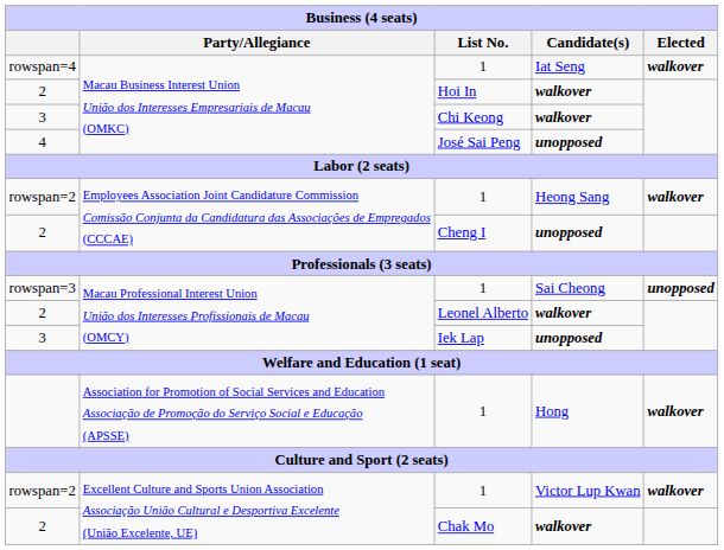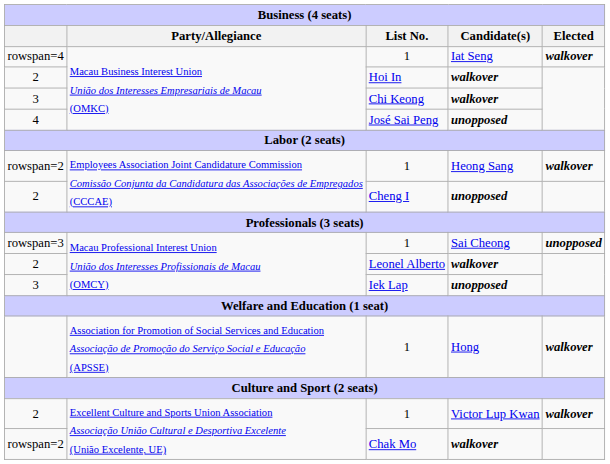 <table class="wikitable" style="font-size:90%">
 <tr style="background-color:#CCCCFF;font-weight:bold;text-align:center;vertical-align:bottom;">
 <td colspan = "5"><strong>Business (4 seats)</strong></td>
 </tr>
 <tr>
 <th></th>
 <th>Party/Allegiance</th>
 <th>List No.</th>
 <th>Candidate(s)</th>
 <th>Elected</th>
 </tr>
 <tr>
 <td>rowspan=4 </td>
 <td rowspan=4><sub><a href='#'>Macau Business Interest Union<br><em>União dos Interesses Empresariais de Macau</em><br>(OMKC)</a></sub></td>
 <td style="text-align:center;">1</td>
 <td><a href='#'> Iat Seng</a></td>
 <td><strong><em>walkover</em></strong></td>
 </tr>
 <tr>
 <td style="text-align:center;">2</td>
 <td><a href='#'> Hoi In</a></td>
 <td><strong><em>walkover</em></strong></td>
 </tr>
 <tr>
 <td style="text-align:center;">3</td>
 <td><a href='#'> Chi Keong</a></td>
 <td><strong><em>walkover</em></strong></td>
 </tr>
 <tr>
 <td style="text-align:center;">4</td>
 <td><a href='#'>José  Sai Peng</a></td>
 <td><strong><em>unopposed</em></strong></td>
 </tr>
 <tr style="background-color:#CCCCFF;font-weight:bold;text-align:center;vertical-align:bottom;">
 <td colspan = "5"><strong>Labor (2 seats)</strong></td>
 </tr>
 <tr>
 <td>rowspan=2 </td>
 <td rowspan=2><sub><a href='#'>Employees Association Joint Candidature Commission<br><em>Comissão Conjunta da Candidatura das Associações de Empregados</em><br>(CCCAE)</a></sub></td>
 <td style="text-align:center;">1</td>
 <td><a href='#'> Heong Sang</a></td>
 <td><strong><em>walkover</em></strong></td>
 </tr>
 <tr>
 <td style="text-align:center;">2</td>
 <td><a href='#'> Cheng I</a></td>
 <td><strong><em>unopposed</em></strong></td>
 </tr>
 <tr style="background-color:#CCCCFF;font-weight:bold;text-align:center;vertical-align:bottom;">
 <td colspan = "5"><strong>Professionals (3 seats)</strong></td>
 </tr>
 <tr>
 <td>rowspan=3 </td>
 <td rowspan=3><sub><a href='#'>Macau Professional Interest Union<br><em>União dos Interesses Profissionais de Macau</em><br>(OMCY)</a></sub></td>
 <td style="text-align:center;">1</td>
 <td><a href='#'> Sai Cheong</a></td>
 <td><strong><em>unopposed</em></strong></td>
 </tr>
 <tr>
 <td style="text-align:center;">2</td>
 <td><a href='#'>Leonel Alberto </a></td>
 <td><strong><em>walkover</em></strong></td>
 </tr>
 <tr>
 <td style="text-align:center;">3</td>
 <td><a href='#'> Iek Lap</a></td>
 <td><strong><em>unopposed</em></strong></td>
 </tr>
 <tr style="background-color:#CCCCFF;font-weight:bold;text-align:center;vertical-align:bottom;">
 <td colspan = "5"><strong>Welfare and Education (1 seat)</strong></td>
 </tr>
 <tr>
 <td></td>
 <td><sub><a href='#'>Association for Promotion of Social Services and Education<br><em>Associação de Promoção do Serviço Social e Educação</em><br>(APSSE)</a></sub></td>
 <td style="text-align:center;">1</td>
 <td><a href='#'> Hong</a></td>
 <td><strong><em>walkover</em></strong></td>
 </tr>
 <tr style="background-color:#CCCCFF;font-weight:bold;text-align:center;vertical-align:bottom;">
 <td colspan = "5"><strong>Culture and Sport (2 seats)</strong></td>
 </tr>
 <tr>
-<td>rowspan=2 </td>
+<td style="text-align:center;">2</td>
 <td rowspan=2><sub><a href='#'>Excellent Culture and Sports Union Association<br><em>Associação União Cultural e Desportiva Excelente</em><br>(União Excelente, UE)</a></sub></td>
 <td style="text-align:center;">1</td>
 <td><a href='#'>Victor  Lup Kwan</a></td>
 <td><strong><em>walkover</em></strong></td>
 </tr>
 <tr>
-<td style="text-align:center;">2</td>
+<td>rowspan=2 </td>
 <td><a href='#'> Chak Mo</a></td>
 <td><strong><em>walkover</em></strong></td>
 </tr>
 </table>
